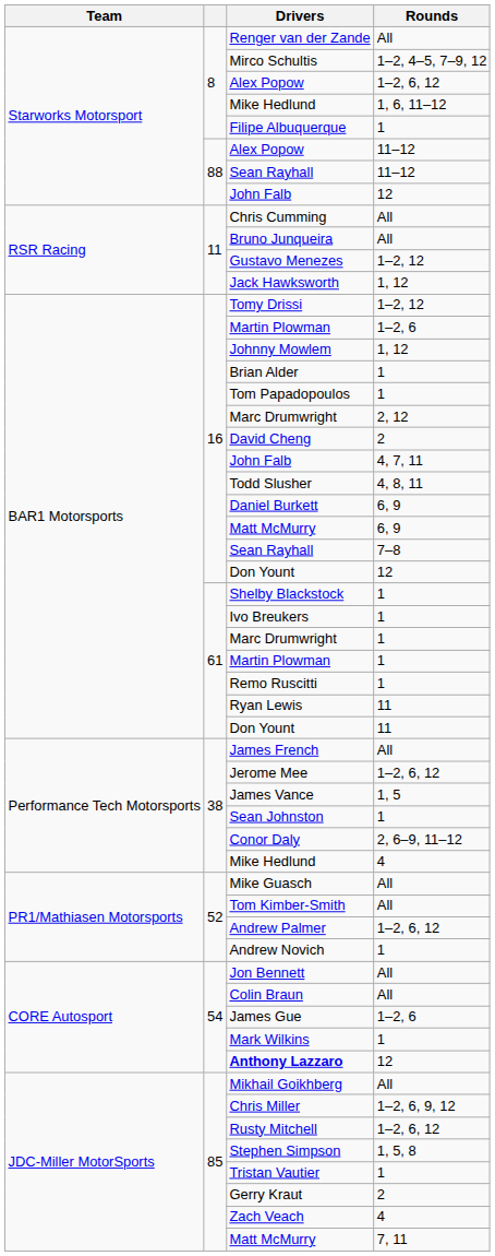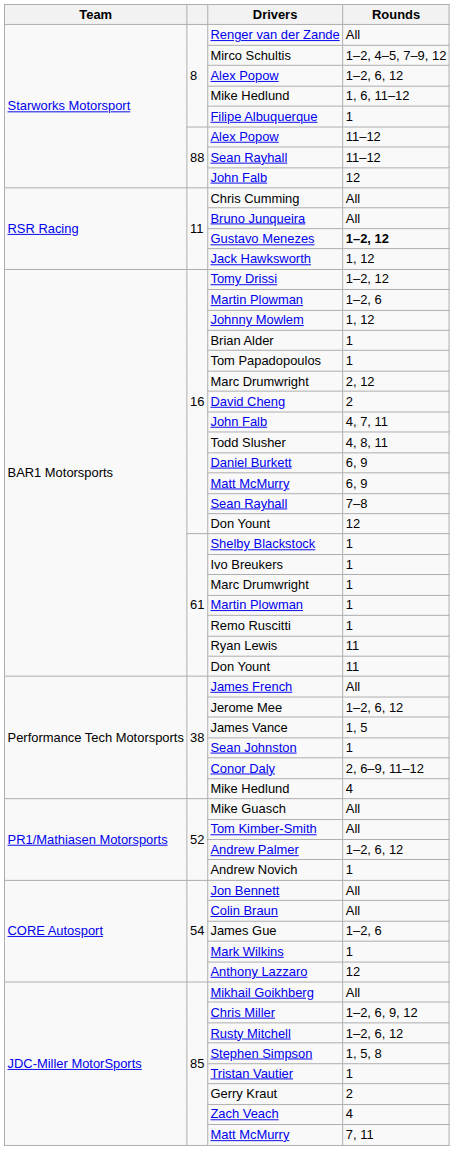 <table class="wikitable" style="font-size: 85%">
 <tr>
 <th>Team</th>
 <th></th>
 <th>Drivers</th>
 <th>Rounds</th>
 </tr>
 <tr>
 <td rowspan=8> <a href='#'>Starworks Motorsport</a></td>
 <td rowspan=5>8</td>
 <td> <a href='#'>Renger van der Zande</a></td>
 <td>All</td>
 </tr>
 <tr>
 <td> Mirco Schultis</td>
 <td>1–2, 4–5, 7–9, 12</td>
 </tr>
 <tr>
 <td> <a href='#'>Alex Popow</a></td>
 <td>1–2, 6, 12</td>
 </tr>
 <tr>
 <td> Mike Hedlund</td>
 <td>1, 6, 11–12</td>
 </tr>
 <tr>
 <td> <a href='#'>Filipe Albuquerque</a></td>
 <td>1</td>
 </tr>
 <tr>
 <td rowspan=3>88</td>
 <td> <a href='#'>Alex Popow</a></td>
 <td>11–12</td>
 </tr>
 <tr>
 <td> <a href='#'>Sean Rayhall</a></td>
 <td>11–12</td>
 </tr>
 <tr>
 <td> <a href='#'>John Falb</a></td>
 <td>12</td>
 </tr>
 <tr>
 <td rowspan=4> <a href='#'>RSR Racing</a></td>
 <td rowspan=4>11</td>
 <td> Chris Cumming</td>
 <td>All</td>
 </tr>
 <tr>
 <td> <a href='#'>Bruno Junqueira</a></td>
 <td>All</td>
 </tr>
 <tr>
 <td> <a href='#'>Gustavo Menezes</a></td>
-<td>1–2, 12</td>
+<td><strong>1–2, 12</strong></td>
 </tr>
 <tr>
 <td> <a href='#'>Jack Hawksworth</a></td>
 <td>1, 12</td>
 </tr>
 <tr>
 <td rowspan=20> BAR1 Motorsports</td>
 <td rowspan=13>16</td>
 <td> <a href='#'>Tomy Drissi</a></td>
 <td>1–2, 12</td>
 </tr>
 <tr>
 <td> <a href='#'>Martin Plowman</a></td>
 <td>1–2, 6</td>
 </tr>
 <tr>
 <td> <a href='#'>Johnny Mowlem</a></td>
 <td>1, 12</td>
 </tr>
 <tr>
 <td> Brian Alder</td>
 <td>1</td>
 </tr>
 <tr>
 <td> Tom Papadopoulos</td>
 <td>1</td>
 </tr>
 <tr>
 <td> Marc Drumwright</td>
 <td>2, 12</td>
 </tr>
 <tr>
 <td> <a href='#'>David Cheng</a></td>
 <td>2</td>
 </tr>
 <tr>
 <td> <a href='#'>John Falb</a></td>
 <td>4, 7, 11</td>
 </tr>
 <tr>
 <td> Todd Slusher</td>
 <td>4, 8, 11</td>
 </tr>
 <tr>
 <td> <a href='#'>Daniel Burkett</a></td>
 <td>6, 9</td>
 </tr>
 <tr>
 <td> <a href='#'>Matt McMurry</a></td>
 <td>6, 9</td>
 </tr>
 <tr>
 <td> <a href='#'>Sean Rayhall</a></td>
 <td>7–8</td>
 </tr>
 <tr>
 <td> Don Yount</td>
 <td>12</td>
 </tr>
 <tr>
 <td rowspan=7>61</td>
 <td> <a href='#'>Shelby Blackstock</a></td>
 <td>1</td>
 </tr>
 <tr>
 <td> Ivo Breukers</td>
 <td>1</td>
 </tr>
 <tr>
 <td> Marc Drumwright</td>
 <td>1</td>
 </tr>
 <tr>
 <td> <a href='#'>Martin Plowman</a></td>
 <td>1</td>
 </tr>
 <tr>
 <td> Remo Ruscitti</td>
 <td>1</td>
 </tr>
 <tr>
 <td> Ryan Lewis</td>
 <td>11</td>
 </tr>
 <tr>
 <td> Don Yount</td>
 <td>11</td>
 </tr>
 <tr>
 <td rowspan=6> Performance Tech Motorsports</td>
 <td rowspan=6>38</td>
 <td> <a href='#'>James French</a></td>
 <td>All</td>
 </tr>
 <tr>
 <td> Jerome Mee</td>
 <td>1–2, 6, 12</td>
 </tr>
 <tr>
 <td> James Vance</td>
 <td>1, 5</td>
 </tr>
 <tr>
 <td> <a href='#'>Sean Johnston</a></td>
 <td>1</td>
 </tr>
 <tr>
 <td> <a href='#'>Conor Daly</a></td>
 <td>2, 6–9, 11–12</td>
 </tr>
 <tr>
 <td> Mike Hedlund</td>
 <td>4</td>
 </tr>
 <tr>
 <td rowspan=4> <a href='#'>PR1/Mathiasen Motorsports</a></td>
 <td rowspan=4>52</td>
 <td> Mike Guasch</td>
 <td>All</td>
 </tr>
 <tr>
 <td> <a href='#'>Tom Kimber-Smith</a></td>
 <td>All</td>
 </tr>
 <tr>
 <td> <a href='#'>Andrew Palmer</a></td>
 <td>1–2, 6, 12</td>
 </tr>
 <tr>
 <td> Andrew Novich</td>
 <td>1</td>
 </tr>
 <tr>
 <td rowspan=5> <a href='#'>CORE Autosport</a></td>
 <td rowspan=5>54</td>
 <td> <a href='#'>Jon Bennett</a></td>
 <td>All</td>
 </tr>
 <tr>
 <td> <a href='#'>Colin Braun</a></td>
 <td>All</td>
 </tr>
 <tr>
 <td> James Gue</td>
 <td>1–2, 6</td>
 </tr>
 <tr>
 <td> <a href='#'>Mark Wilkins</a></td>
 <td>1</td>
 </tr>
 <tr>
-<td><strong> <a href='#'>Anthony Lazzaro</a></strong></td>
+<td> <a href='#'>Anthony Lazzaro</a></td>
 <td>12</td>
 </tr>
 <tr>
 <td rowspan=8> <a href='#'>JDC-Miller MotorSports</a></td>
 <td rowspan=8>85</td>
 <td> <a href='#'>Mikhail Goikhberg</a></td>
 <td>All</td>
 </tr>
 <tr>
 <td> <a href='#'>Chris Miller</a></td>
 <td>1–2, 6, 9, 12</td>
 </tr>
 <tr>
 <td> <a href='#'>Rusty Mitchell</a></td>
 <td>1–2, 6, 12</td>
 </tr>
 <tr>
 <td> <a href='#'>Stephen Simpson</a></td>
 <td>1, 5, 8</td>
 </tr>
 <tr>
 <td> <a href='#'>Tristan Vautier</a></td>
 <td>1</td>
 </tr>
 <tr>
 <td> Gerry Kraut</td>
 <td>2</td>
 </tr>
 <tr>
 <td> <a href='#'>Zach Veach</a></td>
 <td>4</td>
 </tr>
 <tr>
 <td> <a href='#'>Matt McMurry</a></td>
 <td>7, 11</td>
 </tr>
 </table>
